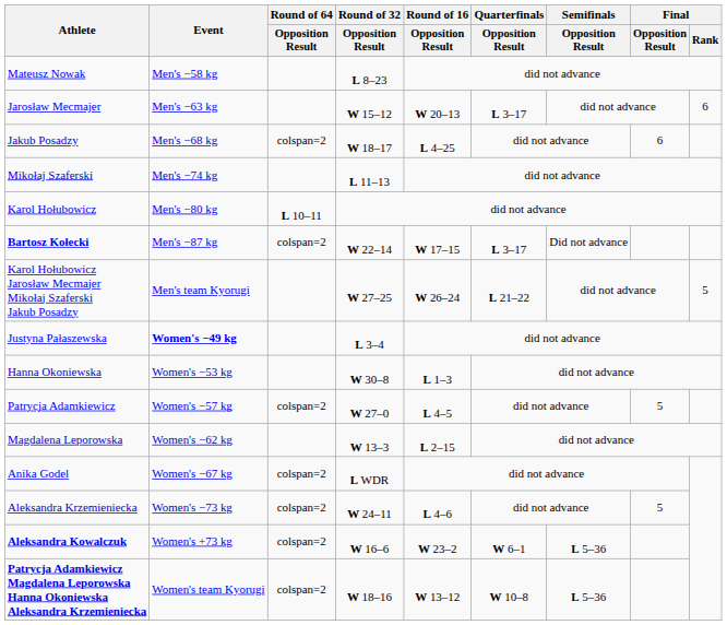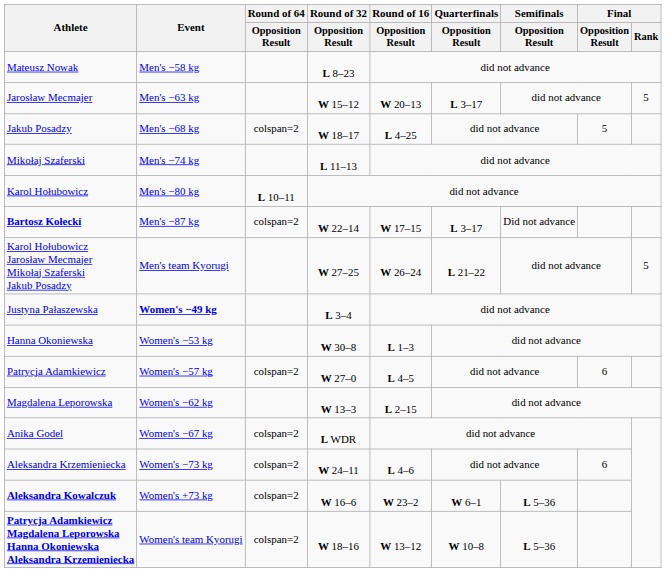 <table class="wikitable" style="font-size:90%">
 <tr>
 <th rowspan="2">Athlete</th>
 <th rowspan="2">Event</th>
 <th>Round of 64</th>
 <th>Round of 32</th>
 <th>Round of 16</th>
 <th>Quarterfinals</th>
 <th>Semifinals</th>
 <th colspan=2>Final</th>
 </tr>
 <tr style="font-size:95%">
 <th>Opposition<br>Result</th>
 <th>Opposition<br>Result</th>
 <th>Opposition<br>Result</th>
 <th>Opposition<br>Result</th>
 <th>Opposition<br>Result</th>
 <th>Opposition<br>Result</th>
 <th>Rank</th>
 </tr>
 <tr align=center>
 <td align=left><a href='#'>Mateusz Nowak</a></td>
 <td align=left><a href='#'>Men's −58 kg</a></td>
 <td></td>
 <td><br><strong>L</strong> 8–23</td>
 <td colspan=5>did not advance</td>
 </tr>
 <tr align=center>
 <td align=left><a href='#'>Jarosław Mecmajer</a></td>
 <td align=left><a href='#'>Men's −63 kg</a></td>
 <td></td>
 <td><br><strong>W</strong> 15–12</td>
 <td><br><strong>W</strong> 20–13</td>
 <td><br><strong>L</strong> 3–17</td>
 <td colspan=2>did not advance</td>
-<td>6</td>
+<td>5</td>
 </tr>
 <tr align=center>
 <td align=left><a href='#'>Jakub Posadzy</a></td>
 <td align=left><a href='#'>Men's −68 kg</a></td>
 <td>colspan=2 </td>
 <td><br><strong>W</strong> 18–17</td>
 <td><br><strong>L</strong> 4–25</td>
 <td colspan=2>did not advance</td>
-<td>6</td>
+<td>5</td>
 </tr>
 <tr align=center>
 <td align=left><a href='#'>Mikołaj Szaferski</a></td>
 <td align=left><a href='#'>Men's −74 kg</a></td>
 <td></td>
 <td><br><strong>L</strong> 11–13</td>
 <td colspan=5>did not advance</td>
 </tr>
 <tr align=center>
 <td align=left><a href='#'>Karol Hołubowicz</a></td>
 <td align=left><a href='#'>Men's −80 kg</a></td>
 <td><br><strong>L</strong> 10–11</td>
 <td colspan=6>did not advance</td>
 </tr>
 <tr align=center>
 <td align=left><strong><a href='#'>Bartosz Kołecki</a></strong></td>
 <td align=left><a href='#'>Men's −87 kg</a></td>
 <td>colspan=2 </td>
 <td><br><strong>W</strong> 22–14</td>
 <td><br><strong>W</strong> 17–15</td>
 <td><br><strong>L</strong> 3–17</td>
 <td>Did not advance</td>
 <td></td>
 </tr>
 <tr align=center>
 <td align=left><a href='#'>Karol Hołubowicz</a><br><a href='#'>Jarosław Mecmajer</a><br><a href='#'>Mikołaj Szaferski</a><br><a href='#'>Jakub Posadzy</a></td>
 <td align=left><a href='#'>Men's team Kyorugi</a></td>
 <td></td>
 <td><br><strong>W</strong> 27–25</td>
 <td><br><strong>W</strong> 26–24</td>
 <td><br><strong>L</strong> 21–22</td>
 <td colspan=2>did not advance</td>
 <td>5</td>
 </tr>
 <tr align=center>
 <td align=left><a href='#'>Justyna Pałaszewska</a></td>
 <td align=left><strong><a href='#'>Women's −49 kg</a></strong></td>
 <td></td>
 <td><br><strong>L</strong> 3–4</td>
 <td colspan=5>did not advance</td>
 </tr>
 <tr align=center>
 <td align=left><a href='#'>Hanna Okoniewska</a></td>
 <td align=left><a href='#'>Women's −53 kg</a></td>
 <td></td>
 <td><br><strong>W</strong> 30–8</td>
 <td><br><strong>L</strong> 1–3</td>
 <td colspan=4>did not advance</td>
 </tr>
 <tr align=center>
 <td align=left><a href='#'>Patrycja Adamkiewicz</a></td>
 <td align=left><a href='#'>Women's −57 kg</a></td>
 <td>colspan=2 </td>
 <td><br><strong>W</strong> 27–0</td>
 <td><br><strong>L</strong> 4–5</td>
 <td colspan=2>did not advance</td>
-<td>5</td>
+<td>6</td>
 </tr>
 <tr align=center>
 <td align=left><a href='#'>Magdalena Leporowska</a></td>
 <td align=left><a href='#'>Women's −62 kg</a></td>
 <td></td>
 <td><br><strong>W</strong> 13–3</td>
 <td><br><strong>L</strong> 2–15</td>
 <td colspan=4>did not advance</td>
 </tr>
 <tr align=center>
 <td align=left><a href='#'>Anika Godel</a></td>
 <td align=left><a href='#'>Women's −67 kg</a></td>
 <td>colspan=2 </td>
 <td><br><strong>L</strong> WDR</td>
 <td colspan=4>did not advance</td>
 </tr>
 <tr align=center>
 <td align=left><a href='#'>Aleksandra Krzemieniecka</a></td>
 <td align=left><a href='#'>Women's −73 kg</a></td>
 <td>colspan=2 </td>
 <td><br><strong>W</strong> 24–11</td>
 <td><br><strong>L</strong> 4–6</td>
 <td colspan=2>did not advance</td>
-<td>5</td>
+<td>6</td>
 </tr>
 <tr align=center>
 <td align=left><strong><a href='#'>Aleksandra Kowalczuk</a></strong></td>
 <td align=left><a href='#'>Women's +73 kg</a></td>
 <td>colspan=2 </td>
 <td><br><strong>W</strong> 16–6</td>
 <td><br><strong>W</strong> 23–2</td>
 <td><br><strong>W</strong> 6–1</td>
 <td><br><strong>L</strong> 5–36</td>
 <td></td>
 </tr>
 <tr align=center>
 <td align=left><strong><a href='#'>Patrycja Adamkiewicz</a><br><a href='#'>Magdalena Leporowska</a><br><a href='#'>Hanna Okoniewska</a><br><a href='#'>Aleksandra Krzemieniecka</a></strong></td>
 <td align=left><a href='#'>Women's team Kyorugi</a></td>
 <td>colspan=2 </td>
 <td><br><strong>W</strong> 18–16</td>
 <td><br><strong>W</strong> 13–12</td>
 <td><br><strong>W</strong> 10–8</td>
 <td><br><strong>L</strong> 5–36</td>
 <td></td>
 </tr>
 </table>
